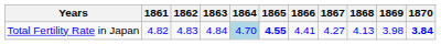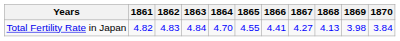 <table class="wikitable " style="text-align:right">
 <tr>
 <th>Years</th>
 <th>1861</th>
 <th>1862</th>
 <th>1863</th>
 <th>1864</th>
 <th>1865</th>
 <th>1866</th>
 <th>1867</th>
 <th>1868</th>
 <th>1869</th>
 <th>1870</th>
 </tr>
 <tr>
 <td align="left"><a href='#'>Total Fertility Rate</a> in Japan</td>
 <td style="text-align:right; color:blue;">4.82</td>
 <td style="text-align:right; color:blue;">4.83</td>
 <td style="text-align:right; color:blue;">4.84</td>
-<td style="background: lightblue; text-align:right; color:blue;">4.70</td>
-<td style="text-align:right; color:blue;"><strong>4.55</strong></td>
+<td style="text-align:right; color:blue;">4.70</td>
+<td style="text-align:right; color:blue;">4.55</td>
 <td style="text-align:right; color:blue;">4.41</td>
 <td style="text-align:right; color:blue;">4.27</td>
 <td style="text-align:right; color:blue;">4.13</td>
 <td style="text-align:right; color:blue;">3.98</td>
-<td style="text-align:right; color:blue;"><strong>3.84</strong></td>
+<td style="text-align:right; color:blue;">3.84</td>
 </tr>
 </table>
